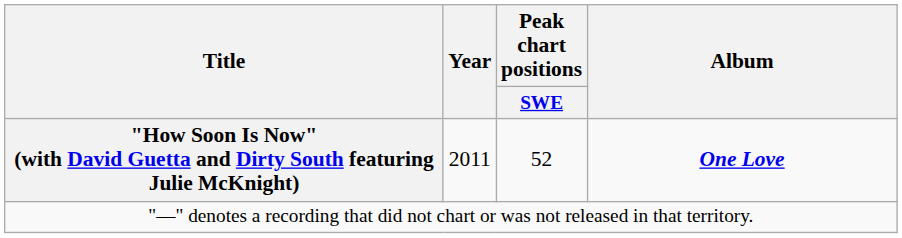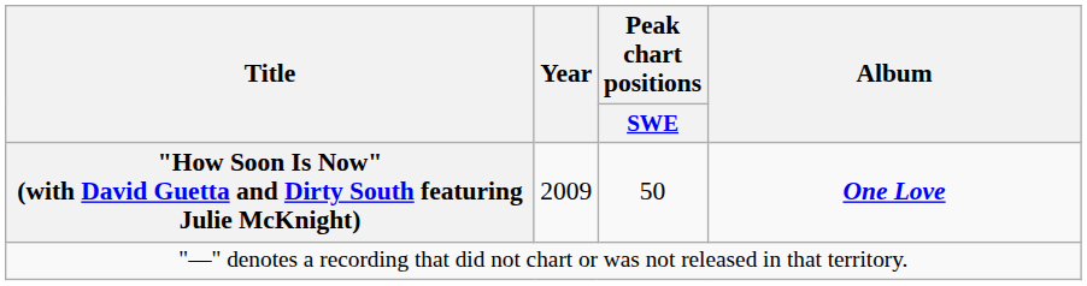 <table class="wikitable plainrowheaders" style="text-align:center;" border="1">
 <tr>
 <th scope="col" rowspan="2" style="width:20em;">Title</th>
 <th scope="col" rowspan="2" style="width:2em;">Year</th>
 <th scope="col" colspan="1">Peak chart positions</th>
 <th scope="col" rowspan="2" style="width:14em;">Album</th>
 </tr>
 <tr>
 <th scope="col" style="width:2.5em;font-size:90%;"><a href='#'>SWE</a><br></th>
 </tr>
 <tr>
 <th scope="row">"How Soon Is Now"<br><span>(with <a href='#'>David Guetta</a> and <a href='#'>Dirty South</a> featuring Julie McKnight)</span></th>
-<td>2011</td>
-<td>52</td>
+<td>2009</td>
+<td>50</td>
 <td><strong><em><a href='#'>One Love</a></em></strong></td>
 </tr>
 <tr>
 <td colspan="4" style="font-size:90%">"—" denotes a recording that did not chart or was not released in that territory.</td>
 </tr>
 </table>
